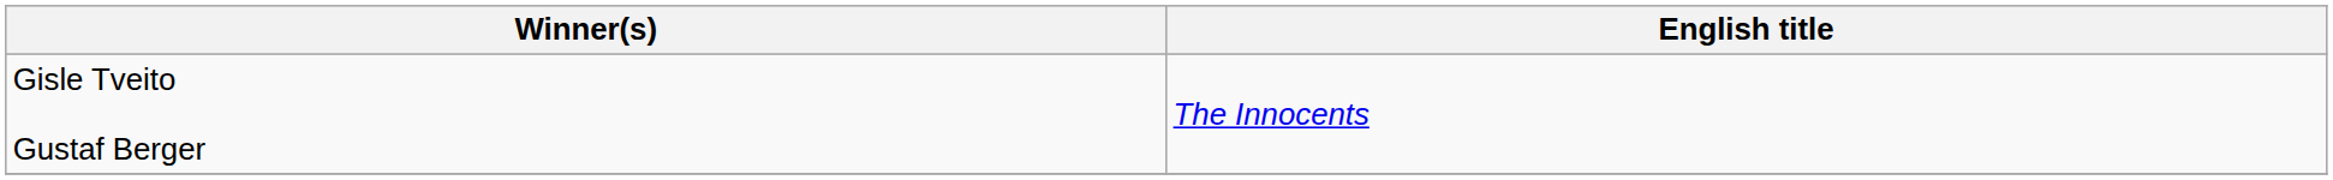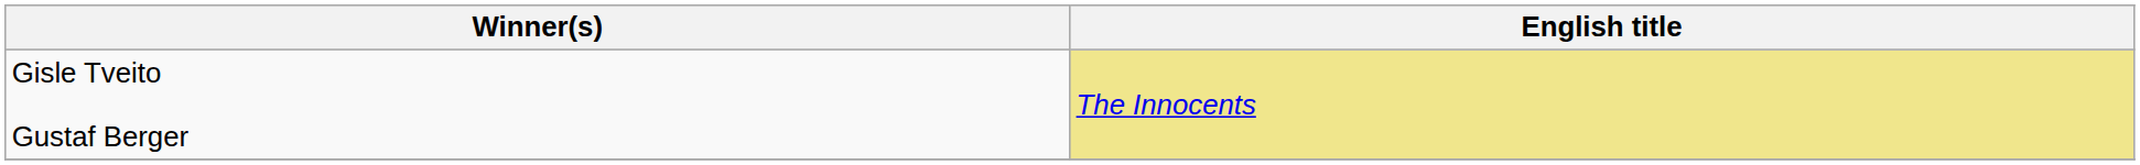 <table class="wikitable" width="95%" cellpadding="5">
 <tr>
 <th width="18%">Winner(s)</th>
 <th width="18%">English title</th>
 </tr>
 <tr>
 <td> Gisle Tveito <br><br> Gustaf Berger</td>
-<td><em><a href='#'>The Innocents</a></em></td>
+<td style="background: khaki;"><em><a href='#'>The Innocents</a></em></td>
 </tr>
 <tr>
 </tr>
 </table>
